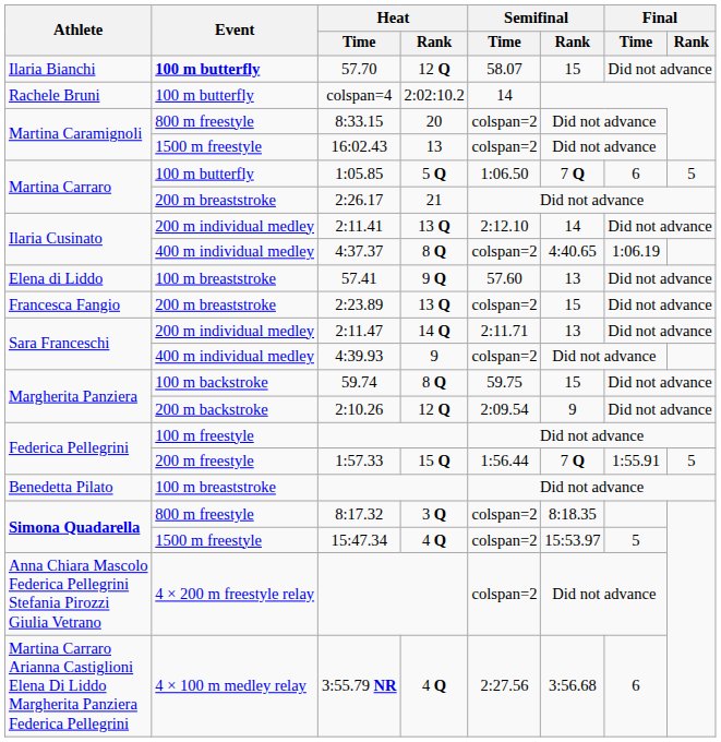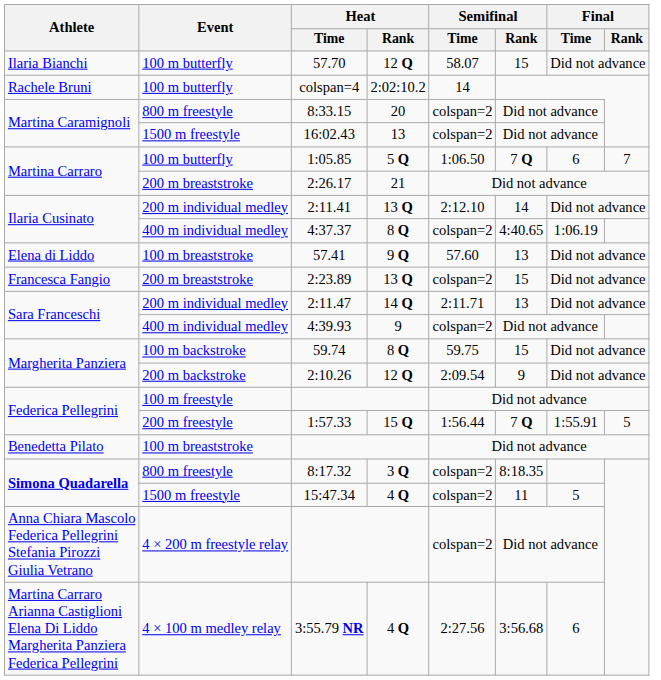 <table class=wikitable style="font-size:90%">
 <tr>
 <th rowspan="2">Athlete</th>
 <th rowspan="2">Event</th>
 <th colspan="2">Heat</th>
 <th colspan="2">Semifinal</th>
 <th colspan="2">Final</th>
 </tr>
 <tr style="font-size:95%">
 <th>Time</th>
 <th>Rank</th>
 <th>Time</th>
 <th>Rank</th>
 <th>Time</th>
 <th>Rank</th>
 </tr>
 <tr align=center>
 <td align=left><a href='#'>Ilaria Bianchi</a></td>
-<td align=left><strong><a href='#'>100 m butterfly</a></strong></td>
+<td align=left><a href='#'>100 m butterfly</a></td>
 <td>57.70</td>
 <td>12 <strong>Q</strong></td>
 <td>58.07</td>
 <td>15</td>
 <td colspan="2">Did not advance</td>
 </tr>
 <tr align=center>
 <td align=left><a href='#'>Rachele Bruni</a></td>
 <td align=left><a href='#'>100 m butterfly</a></td>
 <td>colspan=4 </td>
 <td>2:02:10.2</td>
 <td>14</td>
 </tr>
 <tr align=center>
 <td align=left rowspan=2><a href='#'>Martina Caramignoli</a></td>
 <td align=left><a href='#'>800 m freestyle</a></td>
 <td>8:33.15</td>
 <td>20</td>
 <td>colspan=2 </td>
 <td colspan="2">Did not advance</td>
 </tr>
 <tr align=center>
 <td align=left><a href='#'>1500 m freestyle</a></td>
 <td>16:02.43</td>
 <td>13</td>
 <td>colspan=2 </td>
 <td colspan="2">Did not advance</td>
 </tr>
 <tr align=center>
 <td align=left rowspan=2><a href='#'>Martina Carraro</a></td>
 <td align=left><a href='#'>100 m butterfly</a></td>
 <td>1:05.85</td>
 <td>5 <strong>Q</strong></td>
 <td>1:06.50</td>
 <td>7 <strong>Q</strong></td>
 <td>6</td>
-<td>5</td>
+<td>7</td>
 </tr>
 <tr align=center>
 <td align=left><a href='#'>200 m breaststroke</a></td>
 <td>2:26.17</td>
 <td>21</td>
 <td colspan="4">Did not advance</td>
 </tr>
 <tr align=center>
 <td align=left rowspan=2><a href='#'>Ilaria Cusinato</a></td>
 <td align=left><a href='#'>200 m individual medley</a></td>
 <td>2:11.41</td>
 <td>13 <strong>Q</strong></td>
 <td>2:12.10</td>
 <td>14</td>
 <td colspan="2">Did not advance</td>
 </tr>
 <tr align=center>
 <td align=left><a href='#'>400 m individual medley</a></td>
 <td>4:37.37</td>
 <td>8 <strong>Q</strong></td>
 <td>colspan=2 </td>
 <td>4:40.65</td>
 <td>1:06.19</td>
 </tr>
 <tr align=center>
 <td align=left><a href='#'>Elena di Liddo</a></td>
 <td align=left><a href='#'>100 m breaststroke</a></td>
 <td>57.41</td>
 <td>9 <strong>Q</strong></td>
 <td>57.60</td>
 <td>13</td>
 <td colspan="2">Did not advance</td>
 </tr>
 <tr align=center>
 <td align=left><a href='#'>Francesca Fangio</a></td>
 <td align=left><a href='#'>200 m breaststroke</a></td>
 <td>2:23.89</td>
 <td>13 <strong>Q</strong></td>
 <td>colspan=2 </td>
 <td>15</td>
 <td colspan="2">Did not advance</td>
 </tr>
 <tr align=center>
 <td align=left rowspan=2><a href='#'>Sara Franceschi</a></td>
 <td align=left><a href='#'>200 m individual medley</a></td>
 <td>2:11.47</td>
 <td>14 <strong>Q</strong></td>
 <td>2:11.71</td>
 <td>13</td>
 <td colspan="2">Did not advance</td>
 </tr>
 <tr align=center>
 <td align=left><a href='#'>400 m individual medley</a></td>
 <td>4:39.93</td>
 <td>9</td>
 <td>colspan=2 </td>
 <td colspan="2">Did not advance</td>
 </tr>
 <tr align=center>
 <td align=left rowspan=2><a href='#'>Margherita Panziera</a></td>
 <td align=left><a href='#'>100 m backstroke</a></td>
 <td>59.74</td>
 <td>8 <strong>Q</strong></td>
 <td>59.75</td>
 <td>15</td>
 <td colspan="2">Did not advance</td>
 </tr>
 <tr align=center>
 <td align=left><a href='#'>200 m backstroke</a></td>
 <td>2:10.26</td>
 <td>12 <strong>Q</strong></td>
 <td>2:09.54</td>
 <td>9</td>
 <td colspan="2">Did not advance</td>
 </tr>
 <tr align=center>
 <td align=left rowspan=2><a href='#'>Federica Pellegrini</a></td>
 <td align=left><a href='#'>100 m freestyle</a></td>
 <td colspan="2"></td>
 <td colspan="4">Did not advance</td>
 </tr>
 <tr align=center>
 <td align=left><a href='#'>200 m freestyle</a></td>
 <td>1:57.33</td>
 <td>15 <strong>Q</strong></td>
 <td>1:56.44</td>
 <td>7 <strong>Q</strong></td>
 <td>1:55.91</td>
 <td>5</td>
 </tr>
 <tr align=center>
 <td align=left><a href='#'>Benedetta Pilato</a></td>
 <td align=left><a href='#'>100 m breaststroke</a></td>
 <td colspan="2"></td>
 <td colspan="4">Did not advance</td>
 </tr>
 <tr align=center>
 <td align=left rowspan=2><strong><a href='#'>Simona Quadarella</a></strong></td>
 <td align=left><a href='#'>800 m freestyle</a></td>
 <td>8:17.32</td>
 <td>3 <strong>Q</strong></td>
 <td>colspan=2 </td>
 <td>8:18.35</td>
 <td></td>
 </tr>
 <tr align=center>
 <td align=left><a href='#'>1500 m freestyle</a></td>
 <td>15:47.34</td>
 <td>4 <strong>Q</strong></td>
 <td>colspan=2 </td>
-<td>15:53.97</td>
+<td>11</td>
 <td>5</td>
 </tr>
 <tr align=center>
 <td align=left><a href='#'>Anna Chiara Mascolo</a><br><a href='#'>Federica Pellegrini</a><br><a href='#'>Stefania Pirozzi</a><br><a href='#'>Giulia Vetrano</a></td>
 <td align=left><a href='#'>4 × 200 m freestyle relay</a></td>
 <td colspan="2"></td>
 <td>colspan=2 </td>
 <td colspan="2">Did not advance</td>
 </tr>
 <tr align=center>
 <td align=left><a href='#'>Martina Carraro</a><br><a href='#'>Arianna Castiglioni</a><br><a href='#'>Elena Di Liddo</a><br><a href='#'>Margherita Panziera</a><br><a href='#'>Federica Pellegrini</a></td>
 <td align=left><a href='#'>4 × 100 m medley relay</a></td>
 <td>3:55.79 <strong><a href='#'>NR</a></strong></td>
 <td>4 <strong>Q</strong></td>
 <td>2:27.56</td>
 <td>3:56.68</td>
 <td>6</td>
 </tr>
 </table>
